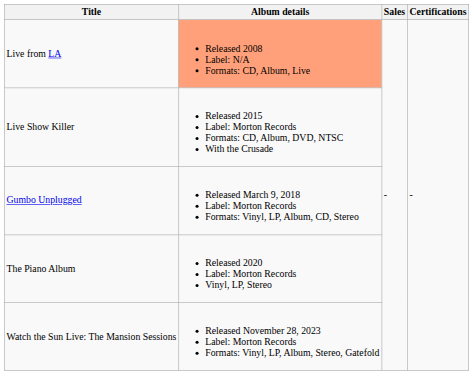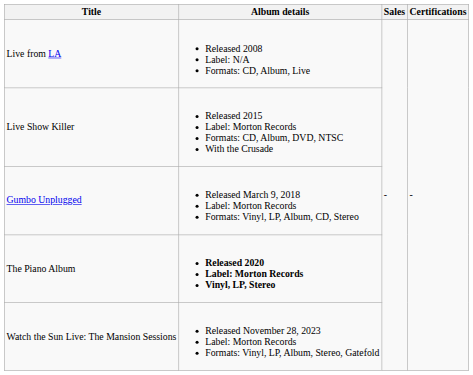 <table class="wikitable sortable">
 <tr>
 <th>Title</th>
 <th>Album details</th>
 <th>Sales</th>
 <th>Certifications</th>
 </tr>
 <tr>
 <td>Live from <a href='#'>LA</a></td>
-<td style="background: lightsalmon;"><br><ul><li>Released 2008</li><li>Label: N/A</li><li>Formats: CD, Album, Live</li></ul></td>
+<td><br><ul><li>Released 2008</li><li>Label: N/A</li><li>Formats: CD, Album, Live</li></ul></td>
 <td rowspan="5">-</td>
 <td rowspan="5">-</td>
 </tr>
 <tr>
 <td>Live Show Killer</td>
 <td><br><ul><li>Released 2015</li><li>Label: Morton Records</li><li>Formats: CD, Album, DVD, NTSC</li><li>With the Crusade</li></ul></td>
 </tr>
 <tr>
 <td><a href='#'>Gumbo Unplugged</a></td>
 <td><br><ul><li>Released March 9, 2018</li><li>Label: Morton Records</li><li>Formats: Vinyl, LP, Album, CD, Stereo</li></ul></td>
 </tr>
 <tr>
 <td>The Piano Album</td>
-<td><br><ul><li>Released 2020</li><li>Label: Morton Records</li><li>Vinyl, LP, Stereo</li></ul></td>
+<td><strong><br><ul><li>Released 2020</li><li>Label: Morton Records</li><li>Vinyl, LP, Stereo</li></ul></strong></td>
 </tr>
 <tr>
 <td>Watch the Sun Live: The Mansion Sessions</td>
 <td><br><ul><li>Released November 28, 2023</li><li>Label: Morton Records</li><li>Formats: Vinyl, LP, Album, Stereo, Gatefold</li></ul></td>
 </tr>
 </table>
